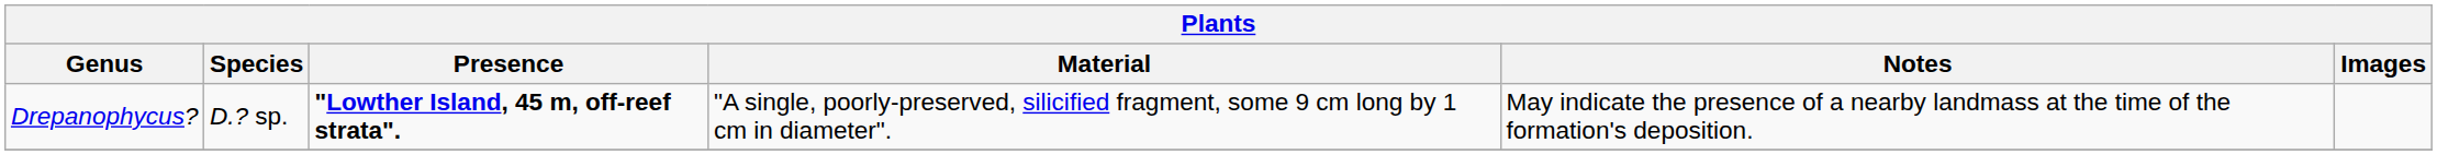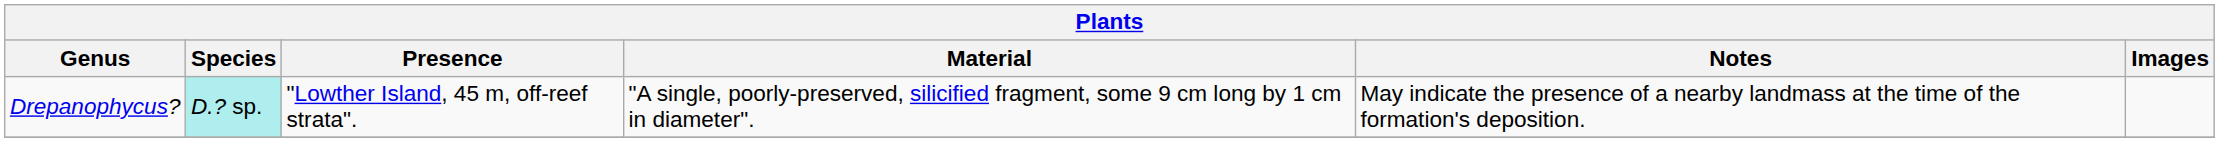 <table class="wikitable" align="center">
 <tr>
 <th colspan="6" align="center"><strong><a href='#'>Plants</a></strong></th>
 </tr>
 <tr>
 <th>Genus</th>
 <th>Species</th>
 <th>Presence</th>
 <th><strong>Material</strong></th>
 <th>Notes</th>
 <th>Images</th>
 </tr>
 <tr>
 <td><em><a href='#'>Drepanophycus</a>?</em></td>
-<td><em>D.?</em> sp.</td>
-<td><strong>"<a href='#'>Lowther Island</a>, 45 m, off-reef strata".</strong></td>
+<td style="background: paleturquoise;"><em>D.?</em> sp.</td>
+<td>"<a href='#'>Lowther Island</a>, 45 m, off-reef strata".</td>
 <td>"A single, poorly-preserved, <a href='#'>silicified</a> fragment, some 9 cm long by 1 cm in diameter".</td>
 <td>May indicate the presence of a nearby landmass at the time of the formation's deposition.</td>
 <td></td>
 </tr>
 <tr>
 </tr>
 </table>
